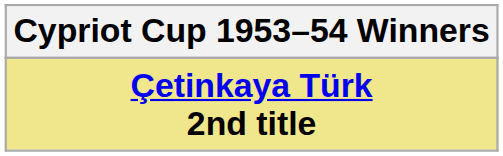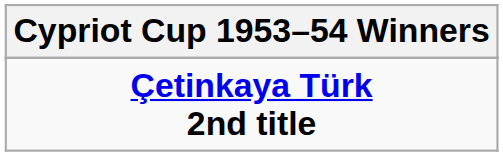 <table class="wikitable" style="text-align:center;margin: 0 auto;">
 <tr>
 <th>Cypriot Cup 1953–54 Winners</th>
 </tr>
 <tr>
 </tr>
 <tr>
-<td style="background: khaki;"><strong><a href='#'>Çetinkaya Türk</a></strong><br><strong>2nd title</strong></td>
+<td><strong><a href='#'>Çetinkaya Türk</a></strong><br><strong>2nd title</strong></td>
 </tr>
 </table>
